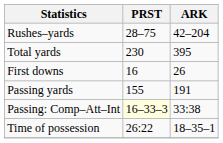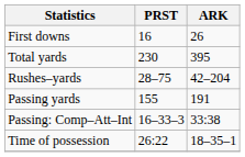 <table class="wikitable" style="float: left;">
 <tr>
 <th>Statistics</th>
 <th>PRST</th>
 <th>ARK</th>
 </tr>
 <tr>
-<td>Rushes–yards</td>
-<td>28–75</td>
-<td>42–204</td>
+<td>First downs</td>
+<td>16</td>
+<td>26</td>
 </tr>
 <tr>
 <td>Total yards</td>
 <td>230</td>
 <td>395</td>
 </tr>
 <tr>
-<td>First downs</td>
-<td>16</td>
-<td>26</td>
+<td>Rushes–yards</td>
+<td>28–75</td>
+<td>42–204</td>
 </tr>
 <tr>
 <td>Passing yards</td>
 <td>155</td>
 <td>191</td>
 </tr>
 <tr>
 <td>Passing: Comp–Att–Int</td>
-<td style="background: lightyellow;">16–33–3</td>
+<td>16–33–3</td>
 <td>33:38</td>
 </tr>
 <tr>
 <td>Time of possession</td>
 <td>26:22</td>
 <td>18–35–1</td>
 </tr>
 <tr>
 </tr>
 </table>
